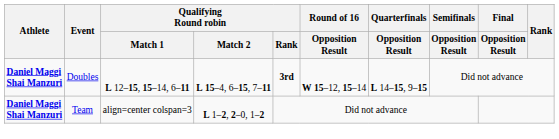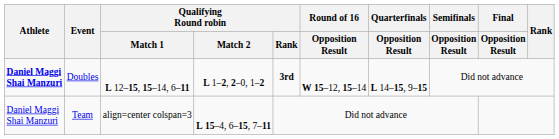 <table class="wikitable" style="font-size:90%">
 <tr>
 <th rowspan="2">Athlete</th>
 <th rowspan="2">Event</th>
 <th colspan="3">Qualifying<br>Round robin</th>
 <th>Round of 16</th>
 <th>Quarterfinals</th>
 <th>Semifinals</th>
 <th>Final</th>
 <th rowspan="2">Rank</th>
 </tr>
 <tr>
 <th>Match 1</th>
 <th>Match 2</th>
 <th>Rank</th>
 <th>Opposition<br>Result</th>
 <th>Opposition<br>Result</th>
 <th>Opposition<br>Result</th>
 <th>Opposition<br>Result</th>
 </tr>
 <tr>
 <td><strong><a href='#'>Daniel Maggi</a><br><a href='#'>Shai Manzuri</a></strong></td>
 <td><a href='#'>Doubles</a></td>
 <td align=center><br><br><strong>L</strong> 12–<strong>15</strong>, <strong>15</strong>–14, 6–<strong>11</strong></td>
-<td align=center><br><br><strong>L</strong> <strong>15</strong>–4, 6–<strong>15</strong>, 7–<strong>11</strong></td>
+<td align=center><br><strong>L</strong> 1–<strong>2</strong>, <strong>2</strong>–0, 1–<strong>2</strong></td>
 <td align=center><strong>3rd</strong></td>
 <td align=center><br><br><strong>W</strong> <strong>15</strong>–12, <strong>15</strong>–14</td>
 <td align=center><br><br><strong>L</strong> 14–<strong>15</strong>,  9–<strong>15</strong></td>
 <td align=center colspan=3>Did not advance</td>
 </tr>
 <tr>
-<td><strong><a href='#'>Daniel Maggi</a><br><a href='#'>Shai Manzuri</a></strong></td>
+<td><a href='#'>Daniel Maggi</a><br><a href='#'>Shai Manzuri</a></td>
 <td align=center><a href='#'>Team</a></td>
 <td>align=center colspan=3 </td>
-<td align=center><br><strong>L</strong> 1–<strong>2</strong>, <strong>2</strong>–0, 1–<strong>2</strong></td>
+<td align=center><br><br><strong>L</strong> <strong>15</strong>–4, 6–<strong>15</strong>, 7–<strong>11</strong></td>
 <td align=center colspan=4>Did not advance</td>
 </tr>
 </table>
